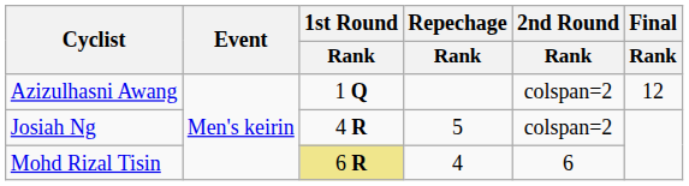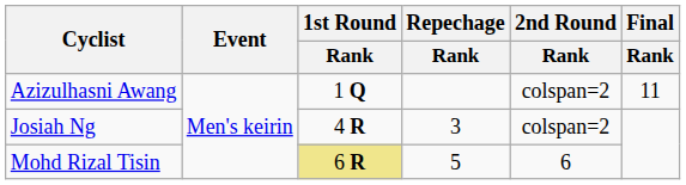 <table class="wikitable" style="font-size:90%">
 <tr>
 <th rowspan=2>Cyclist</th>
 <th rowspan=2>Event</th>
 <th>1st Round</th>
 <th>Repechage</th>
 <th>2nd Round</th>
 <th>Final</th>
 </tr>
 <tr style="font-size:95%">
 <th>Rank</th>
 <th>Rank</th>
 <th>Rank</th>
 <th>Rank</th>
 </tr>
 <tr align=center>
 <td align=left><a href='#'>Azizulhasni Awang</a></td>
 <td align=left rowspan=3><a href='#'>Men's keirin</a></td>
 <td>1 <strong>Q</strong></td>
 <td></td>
 <td>colspan=2 </td>
-<td>12</td>
+<td>11</td>
 </tr>
 <tr align=center>
 <td align=left><a href='#'>Josiah Ng</a></td>
 <td>4 <strong>R</strong></td>
-<td>5</td>
+<td>3</td>
 <td>colspan=2 </td>
 </tr>
 <tr align=center>
 <td align=left><a href='#'>Mohd Rizal Tisin</a></td>
 <td style="background: khaki;">6 <strong>R</strong></td>
-<td>4</td>
+<td>5</td>
 <td>6</td>
 </tr>
 </table>
